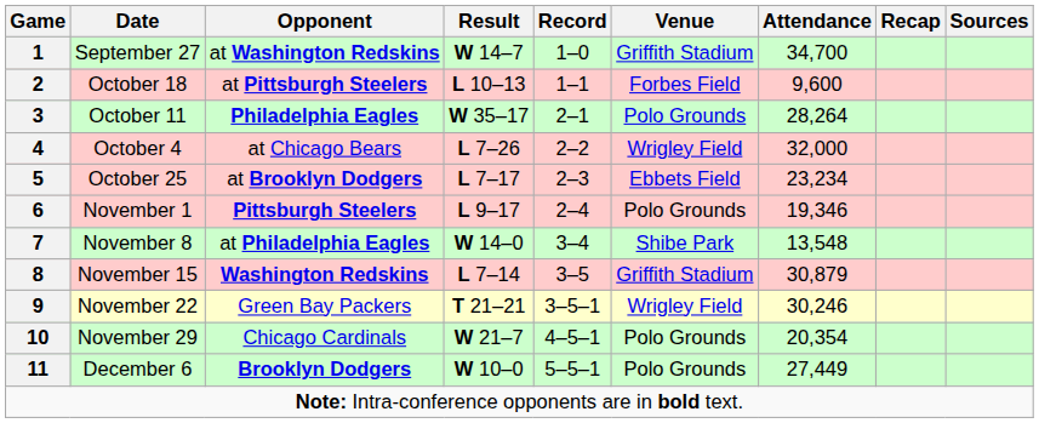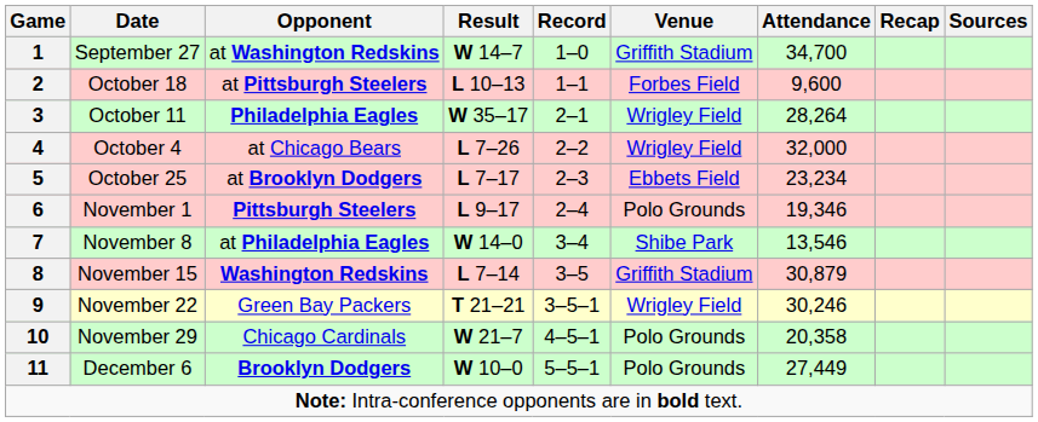 <table class="wikitable" style="text-align:center">
 <tr>
 <th>Game</th>
 <th>Date</th>
 <th>Opponent</th>
 <th>Result</th>
 <th>Record</th>
 <th>Venue</th>
 <th>Attendance</th>
 <th>Recap</th>
 <th>Sources</th>
 </tr>
 <tr style="background:#cfc">
 <th>1</th>
 <td>September 27</td>
 <td>at <strong><a href='#'>Washington Redskins</a></strong></td>
 <td><strong>W</strong> 14–7</td>
 <td>1–0</td>
 <td><a href='#'>Griffith Stadium</a></td>
 <td>34,700</td>
 <td></td>
 <td></td>
 </tr>
 <tr style="background:#fcc">
 <th>2</th>
 <td>October 18</td>
 <td>at <strong><a href='#'>Pittsburgh Steelers</a></strong></td>
 <td><strong>L</strong> 10–13</td>
 <td>1–1</td>
 <td><a href='#'>Forbes Field</a></td>
 <td>9,600</td>
 <td></td>
 <td></td>
 </tr>
 <tr style="background:#cfc">
 <th>3</th>
 <td>October 11</td>
 <td><strong><a href='#'>Philadelphia Eagles</a></strong></td>
 <td><strong>W</strong> 35–17</td>
 <td>2–1</td>
-<td><a href='#'>Polo Grounds</a></td>
+<td><a href='#'>Wrigley Field</a></td>
 <td>28,264</td>
 <td></td>
 <td></td>
 </tr>
 <tr style="background:#fcc">
 <th>4</th>
 <td>October 4</td>
 <td>at <a href='#'>Chicago Bears</a></td>
 <td><strong>L</strong> 7–26</td>
 <td>2–2</td>
 <td><a href='#'>Wrigley Field</a></td>
 <td>32,000</td>
 <td></td>
 <td></td>
 </tr>
 <tr style="background:#fcc">
 <th>5</th>
 <td>October 25</td>
 <td>at <strong><a href='#'>Brooklyn Dodgers</a></strong></td>
 <td><strong>L</strong> 7–17</td>
 <td>2–3</td>
 <td><a href='#'>Ebbets Field</a></td>
 <td>23,234</td>
 <td></td>
 <td></td>
 </tr>
 <tr style="background:#fcc">
 <th>6</th>
 <td>November 1</td>
 <td><strong><a href='#'>Pittsburgh Steelers</a></strong></td>
 <td><strong>L</strong> 9–17</td>
 <td>2–4</td>
 <td>Polo Grounds</td>
 <td>19,346</td>
 <td></td>
 <td></td>
 </tr>
 <tr style="background:#cfc">
 <th>7</th>
 <td>November 8</td>
 <td>at <strong><a href='#'>Philadelphia Eagles</a></strong></td>
 <td><strong>W</strong> 14–0</td>
 <td>3–4</td>
 <td><a href='#'>Shibe Park</a></td>
-<td>13,548</td>
+<td>13,546</td>
 <td></td>
 <td></td>
 </tr>
 <tr style="background:#fcc">
 <th>8</th>
 <td>November 15</td>
 <td><strong><a href='#'>Washington Redskins</a></strong></td>
 <td><strong>L</strong> 7–14</td>
 <td>3–5</td>
 <td><a href='#'>Griffith Stadium</a></td>
 <td>30,879</td>
 <td></td>
 <td></td>
 </tr>
 <tr style="background:#ffc">
 <th>9</th>
 <td>November 22</td>
 <td><a href='#'>Green Bay Packers</a></td>
 <td><strong>T</strong> 21–21</td>
 <td>3–5–1</td>
 <td><a href='#'>Wrigley Field</a></td>
 <td>30,246</td>
 <td></td>
 <td></td>
 </tr>
 <tr style="background:#cfc">
 <th>10</th>
 <td>November 29</td>
 <td><a href='#'>Chicago Cardinals</a></td>
 <td><strong>W</strong> 21–7</td>
 <td>4–5–1</td>
 <td>Polo Grounds</td>
-<td>20,354</td>
+<td>20,358</td>
 <td></td>
 <td></td>
 </tr>
 <tr style="background:#cfc">
 <th>11</th>
 <td>December 6</td>
 <td><strong><a href='#'>Brooklyn Dodgers</a></strong></td>
 <td><strong>W</strong> 10–0</td>
 <td>5–5–1</td>
 <td>Polo Grounds</td>
 <td>27,449</td>
 <td></td>
 <td></td>
 </tr>
 <tr>
 <td colspan="10"><strong>Note:</strong> Intra-conference opponents are in <strong>bold</strong> text.</td>
 </tr>
 </table>
